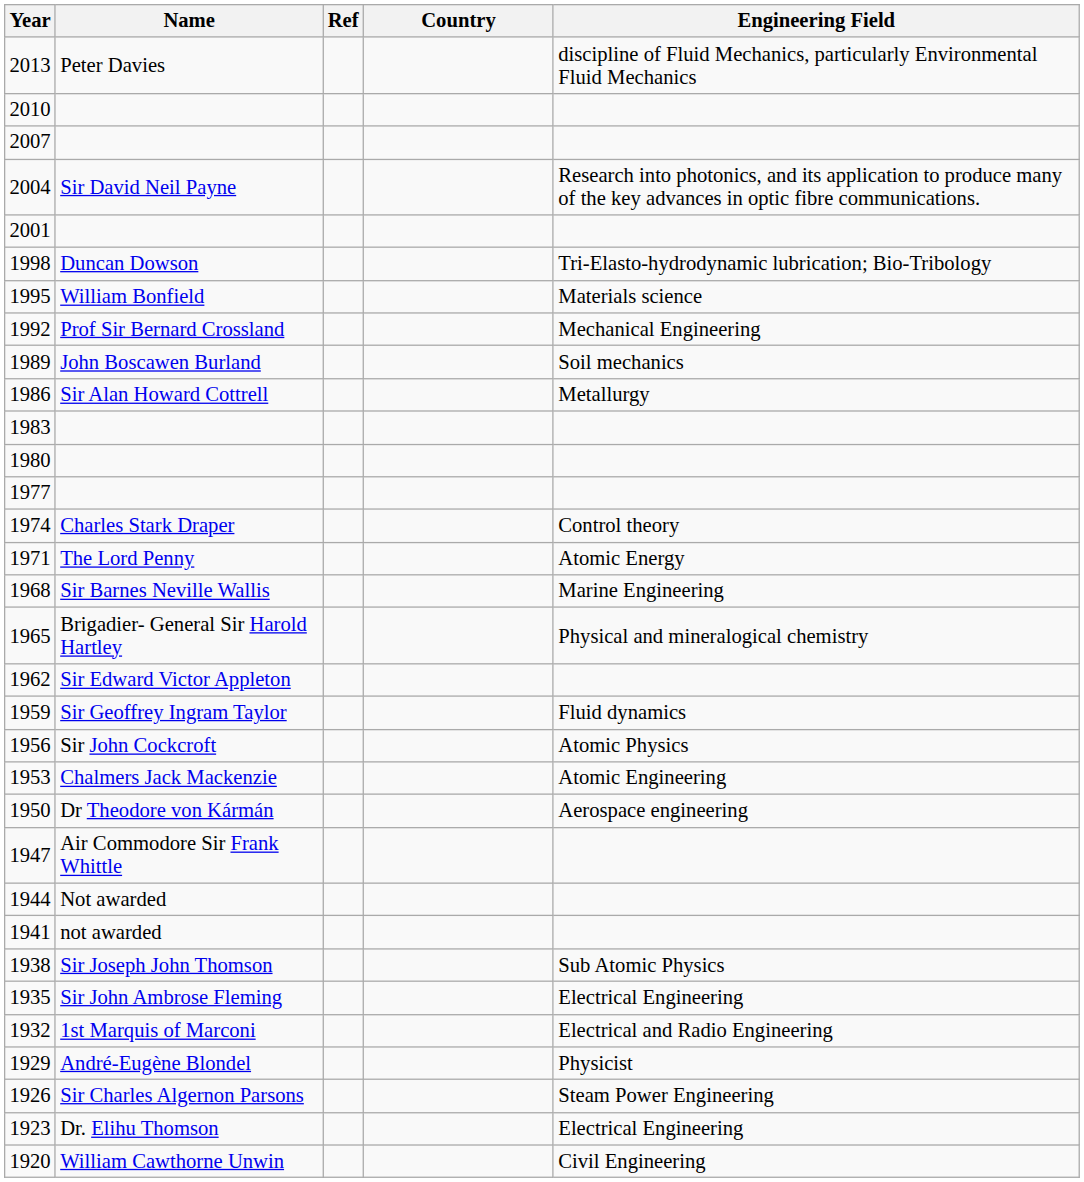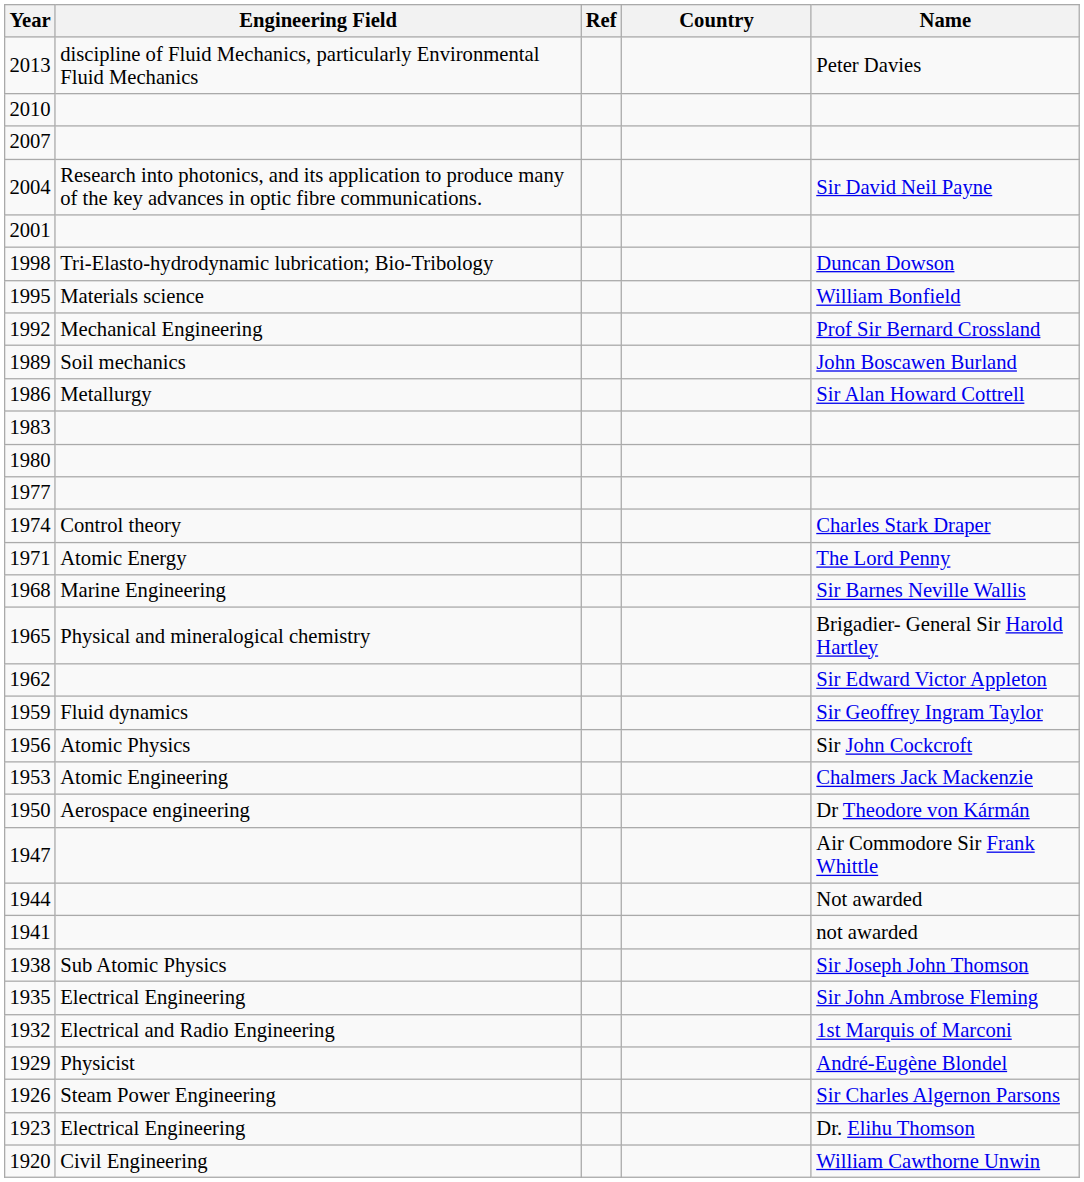 <table class="wikitable" border="1" style="align:left;">
 <tr>
 <th width="4">Year</th>
-<th width="200">Name</th>
+<th width="400">Engineering Field</th>
 <th width=6>Ref</th>
 <th width=140>Country</th>
-<th width="400">Engineering Field</th>
+<th width="200">Name</th>
 </tr>
 <tr>
 <td>2013</td>
-<td>Peter Davies</td>
+<td>discipline of Fluid Mechanics, particularly Environmental Fluid Mechanics</td>
 <td></td>
 <td></td>
-<td>discipline of Fluid Mechanics, particularly Environmental Fluid Mechanics</td>
+<td>Peter Davies</td>
 </tr>
 <tr>
 <td>2010</td>
 <td></td>
 <td></td>
 <td></td>
 <td></td>
 </tr>
 <tr>
 <td>2007</td>
 <td></td>
 <td></td>
 <td></td>
 <td></td>
 </tr>
 <tr>
 <td>2004</td>
-<td><a href='#'>Sir David Neil Payne</a></td>
+<td>Research into photonics, and its application to produce many of the key advances in optic fibre communications.</td>
 <td></td>
 <td></td>
-<td>Research into photonics, and its application to produce many of the key advances in optic fibre communications.</td>
+<td><a href='#'>Sir David Neil Payne</a></td>
 </tr>
 <tr>
 <td>2001</td>
 <td></td>
 <td></td>
 <td></td>
 <td></td>
 </tr>
 <tr>
 <td>1998</td>
-<td><a href='#'>Duncan Dowson</a></td>
+<td>Tri-Elasto-hydrodynamic lubrication;  Bio-Tribology</td>
 <td></td>
 <td></td>
-<td>Tri-Elasto-hydrodynamic lubrication;  Bio-Tribology</td>
+<td><a href='#'>Duncan Dowson</a></td>
 </tr>
 <tr>
 <td>1995</td>
-<td><a href='#'>William Bonfield</a></td>
+<td>Materials science</td>
 <td></td>
 <td></td>
-<td>Materials science</td>
+<td><a href='#'>William Bonfield</a></td>
 </tr>
 <tr>
 <td>1992</td>
-<td><a href='#'>Prof Sir Bernard Crossland</a></td>
+<td>Mechanical Engineering</td>
 <td></td>
 <td></td>
-<td>Mechanical Engineering</td>
+<td><a href='#'>Prof Sir Bernard Crossland</a></td>
 </tr>
 <tr>
 <td>1989</td>
-<td><a href='#'>John Boscawen Burland</a></td>
+<td>Soil mechanics</td>
 <td></td>
 <td></td>
-<td>Soil mechanics</td>
+<td><a href='#'>John Boscawen Burland</a></td>
 </tr>
 <tr>
 <td>1986</td>
-<td><a href='#'>Sir Alan Howard Cottrell</a></td>
+<td>Metallurgy</td>
 <td></td>
 <td></td>
-<td>Metallurgy</td>
+<td><a href='#'>Sir Alan Howard Cottrell</a></td>
 </tr>
 <tr>
 <td>1983</td>
 <td></td>
 <td></td>
 <td></td>
 <td></td>
 </tr>
 <tr>
 <td>1980</td>
 <td></td>
 <td></td>
 <td></td>
 <td></td>
 </tr>
 <tr>
 <td>1977</td>
 <td></td>
 <td></td>
 <td></td>
 <td></td>
 </tr>
 <tr>
 <td>1974</td>
-<td><a href='#'>Charles Stark Draper</a></td>
+<td>Control theory</td>
 <td></td>
 <td></td>
-<td>Control theory</td>
+<td><a href='#'>Charles Stark Draper</a></td>
 </tr>
 <tr>
 <td>1971</td>
-<td><a href='#'>The Lord Penny</a></td>
+<td>Atomic Energy</td>
 <td></td>
 <td></td>
-<td>Atomic Energy</td>
+<td><a href='#'>The Lord Penny</a></td>
 </tr>
 <tr>
 <td>1968</td>
-<td><a href='#'>Sir Barnes Neville Wallis</a></td>
+<td>Marine Engineering</td>
 <td></td>
 <td></td>
-<td>Marine Engineering</td>
+<td><a href='#'>Sir Barnes Neville Wallis</a></td>
 </tr>
 <tr>
 <td>1965</td>
-<td>Brigadier- General Sir <a href='#'>Harold Hartley</a></td>
+<td>Physical and mineralogical chemistry</td>
 <td></td>
 <td></td>
-<td>Physical and mineralogical chemistry</td>
+<td>Brigadier- General Sir <a href='#'>Harold Hartley</a></td>
 </tr>
 <tr>
 <td>1962</td>
-<td><a href='#'>Sir Edward Victor Appleton</a></td>
 <td></td>
 <td></td>
 <td></td>
+<td><a href='#'>Sir Edward Victor Appleton</a></td>
 </tr>
 <tr>
 <td>1959</td>
-<td><a href='#'>Sir Geoffrey Ingram Taylor</a></td>
+<td>Fluid dynamics</td>
 <td></td>
 <td></td>
-<td>Fluid dynamics</td>
+<td><a href='#'>Sir Geoffrey Ingram Taylor</a></td>
 </tr>
 <tr>
 <td>1956</td>
-<td>Sir <a href='#'>John Cockcroft</a></td>
+<td>Atomic Physics</td>
 <td></td>
 <td></td>
-<td>Atomic Physics</td>
+<td>Sir <a href='#'>John Cockcroft</a></td>
 </tr>
 <tr>
 <td>1953</td>
-<td><a href='#'>Chalmers Jack Mackenzie</a></td>
+<td>Atomic Engineering</td>
 <td></td>
 <td></td>
-<td>Atomic Engineering</td>
+<td><a href='#'>Chalmers Jack Mackenzie</a></td>
 </tr>
 <tr>
 <td>1950</td>
-<td>Dr <a href='#'>Theodore von Kármán</a></td>
+<td>Aerospace engineering</td>
 <td></td>
 <td></td>
-<td>Aerospace engineering</td>
+<td>Dr <a href='#'>Theodore von Kármán</a></td>
 </tr>
 <tr>
 <td>1947</td>
-<td>Air Commodore Sir <a href='#'>Frank Whittle</a></td>
 <td></td>
 <td></td>
 <td></td>
+<td>Air Commodore Sir <a href='#'>Frank Whittle</a></td>
 </tr>
 <tr>
 <td>1944</td>
-<td>Not awarded</td>
 <td></td>
 <td></td>
 <td></td>
+<td>Not awarded</td>
 </tr>
 <tr>
 <td>1941</td>
-<td>not awarded</td>
 <td></td>
 <td></td>
 <td></td>
+<td>not awarded</td>
 </tr>
 <tr>
 <td>1938</td>
-<td><a href='#'>Sir Joseph John Thomson</a></td>
+<td>Sub Atomic Physics</td>
 <td></td>
 <td></td>
-<td>Sub Atomic Physics</td>
+<td><a href='#'>Sir Joseph John Thomson</a></td>
 </tr>
 <tr>
 <td>1935</td>
-<td><a href='#'>Sir John Ambrose Fleming</a></td>
+<td>Electrical Engineering</td>
 <td></td>
 <td></td>
-<td>Electrical Engineering</td>
+<td><a href='#'>Sir John Ambrose Fleming</a></td>
 </tr>
 <tr>
 <td>1932</td>
-<td><a href='#'>1st Marquis of Marconi</a></td>
+<td>Electrical and Radio Engineering</td>
 <td></td>
 <td></td>
-<td>Electrical and Radio Engineering</td>
+<td><a href='#'>1st Marquis of Marconi</a></td>
 </tr>
 <tr>
 <td>1929</td>
-<td><a href='#'>André-Eugène Blondel</a></td>
+<td>Physicist</td>
 <td></td>
 <td></td>
-<td>Physicist</td>
+<td><a href='#'>André-Eugène Blondel</a></td>
 </tr>
 <tr>
 <td>1926</td>
-<td><a href='#'>Sir Charles Algernon Parsons</a></td>
+<td>Steam Power Engineering</td>
 <td></td>
 <td></td>
-<td>Steam Power Engineering</td>
+<td><a href='#'>Sir Charles Algernon Parsons</a></td>
 </tr>
 <tr>
 <td>1923</td>
-<td>Dr. <a href='#'>Elihu Thomson</a></td>
+<td>Electrical Engineering</td>
 <td></td>
 <td></td>
-<td>Electrical Engineering</td>
+<td>Dr. <a href='#'>Elihu Thomson</a></td>
 </tr>
 <tr>
 <td>1920</td>
-<td><a href='#'>William Cawthorne Unwin</a></td>
+<td>Civil Engineering</td>
 <td></td>
 <td></td>
-<td>Civil Engineering</td>
+<td><a href='#'>William Cawthorne Unwin</a></td>
 </tr>
 </table>
